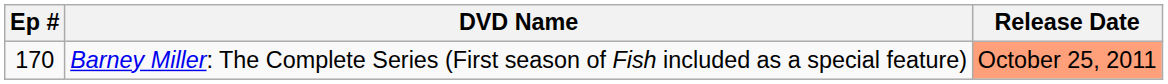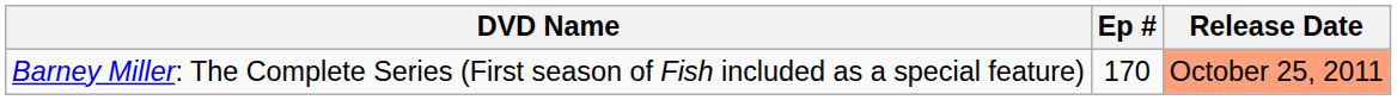 <table class="wikitable">
 <tr>
+<th>DVD Name</th>
 <th>Ep #</th>
-<th>DVD Name</th>
 <th>Release Date</th>
 </tr>
 <tr>
+<td><em><a href='#'>Barney Miller</a></em>: The Complete Series (First season of <em>Fish</em> included as a special feature)</td>
 <td align="center">170</td>
-<td><em><a href='#'>Barney Miller</a></em>: The Complete Series (First season of <em>Fish</em> included as a special feature)</td>
 <td style="background: lightsalmon;">October 25, 2011</td>
 </tr>
 </table>
